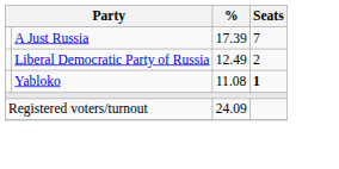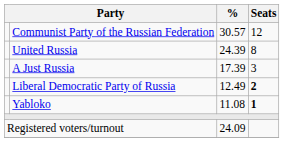 <table class="wikitable">
 <tr>
 <th colspan=2>Party</th>
 <th>%</th>
 <th>Seats</th>
 </tr>
 <tr>
 <td style="background:"></td>
+<td><a href='#'>Communist Party of the Russian Federation</a></td>
+<td>30.57</td>
+<td>12</td>
+</tr>
+<tr>
+<td style="background:"></td>
+<td><a href='#'>United Russia</a></td>
+<td>24.39</td>
+<td>8</td>
+</tr>
+<tr>
+<td style="background:"></td>
 <td><a href='#'>A Just Russia</a></td>
 <td>17.39</td>
-<td>7</td>
+<td>3</td>
 </tr>
 <tr>
 <td style="background:"></td>
 <td><a href='#'>Liberal Democratic Party of Russia</a></td>
 <td>12.49</td>
-<td>2</td>
+<td><strong>2</strong></td>
 </tr>
 <tr>
 <td style="background:"></td>
 <td><a href='#'>Yabloko</a></td>
 <td>11.08</td>
 <td><strong>1</strong></td>
 </tr>
 <tr>
 <td colspan=4 style="background:#E9E9E9;"></td>
 </tr>
 <tr>
 <td align=left colspan=2>Registered voters/turnout</td>
 <td>24.09</td>
 <td></td>
 </tr>
 <tr>
 </tr>
 </table>
